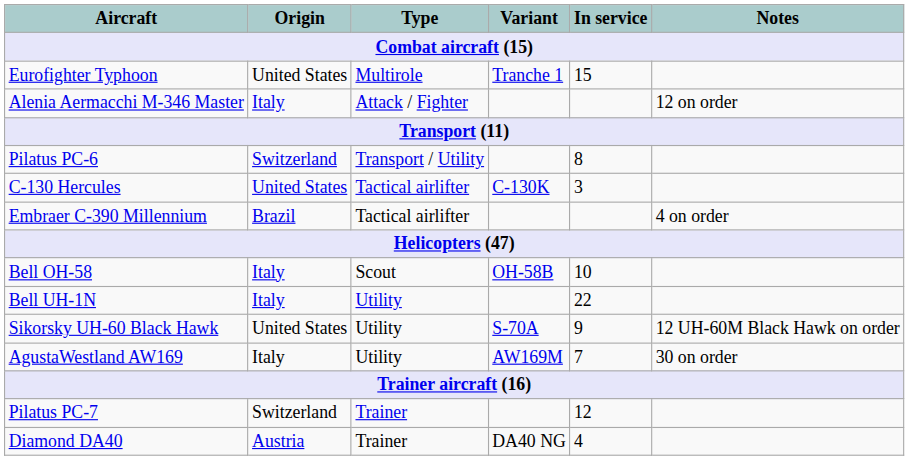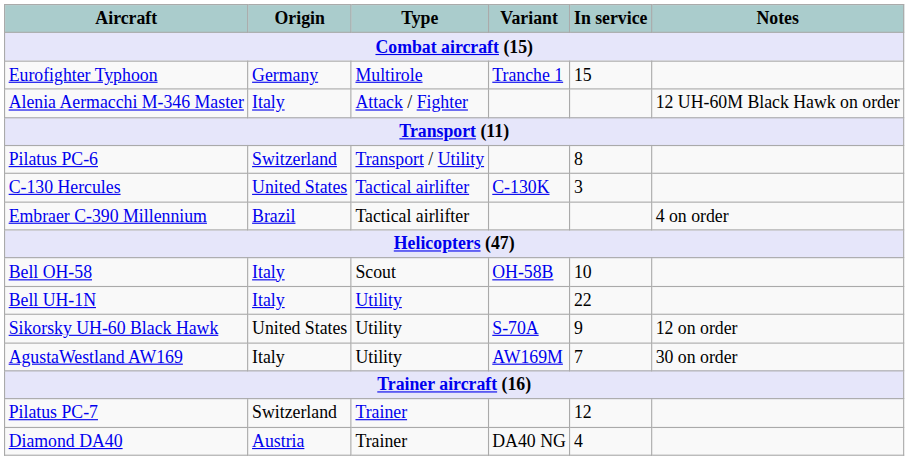 <table class="wikitable">
 <tr>
 <th style="background:#acc;">Aircraft</th>
 <th style="background:#acc;">Origin</th>
 <th style="background:#acc;">Type</th>
 <th style="background:#acc;">Variant</th>
 <th style="background:#acc;">In service</th>
 <th style="background:#acc;">Notes</th>
 </tr>
 <tr>
 <th colspan="6" style="align: center; background: lavender;"><a href='#'>Combat aircraft</a> (15)</th>
 </tr>
 <tr>
 <td><a href='#'>Eurofighter Typhoon</a></td>
-<td>United States</td>
+<td><a href='#'>Germany</a></td>
 <td><a href='#'>Multirole</a></td>
 <td><a href='#'>Tranche 1</a></td>
 <td>15</td>
 <td></td>
 </tr>
 <tr>
 <td><a href='#'>Alenia Aermacchi M-346 Master</a></td>
 <td><a href='#'>Italy</a></td>
 <td><a href='#'>Attack</a> / <a href='#'>Fighter</a></td>
 <td></td>
 <td></td>
-<td>12 on order</td>
+<td>12 UH-60M Black Hawk on order</td>
 </tr>
 <tr>
 <th colspan="6" style="align: center; background: lavender;"><a href='#'>Transport</a> (11)</th>
 </tr>
 <tr>
 <td><a href='#'>Pilatus PC-6</a></td>
 <td><a href='#'>Switzerland</a></td>
 <td><a href='#'>Transport</a> / <a href='#'>Utility</a></td>
 <td></td>
 <td>8</td>
 <td></td>
 </tr>
 <tr>
 <td><a href='#'>C-130 Hercules</a></td>
 <td><a href='#'>United States</a></td>
 <td><a href='#'>Tactical airlifter</a></td>
 <td><a href='#'>C-130K</a></td>
 <td>3</td>
 <td></td>
 </tr>
 <tr>
 <td><a href='#'>Embraer C-390 Millennium</a></td>
 <td><a href='#'>Brazil</a></td>
 <td>Tactical airlifter</td>
 <td></td>
 <td></td>
 <td>4 on order</td>
 </tr>
 <tr>
 <th colspan="6" style="align: center; background: lavender;"><a href='#'>Helicopters</a> (47)</th>
 </tr>
 <tr>
 <td><a href='#'>Bell OH-58</a></td>
 <td><a href='#'>Italy</a></td>
 <td>Scout</td>
 <td><a href='#'>OH-58B</a></td>
 <td>10</td>
 <td></td>
 </tr>
 <tr>
 <td><a href='#'>Bell UH-1N</a></td>
 <td><a href='#'>Italy</a></td>
 <td><a href='#'>Utility</a></td>
 <td></td>
 <td>22</td>
 <td></td>
 </tr>
 <tr>
 <td><a href='#'>Sikorsky UH-60 Black Hawk</a></td>
 <td>United States</td>
 <td>Utility</td>
 <td><a href='#'>S-70A</a></td>
 <td>9</td>
-<td>12 UH-60M Black Hawk on order</td>
+<td>12 on order</td>
 </tr>
 <tr>
 <td><a href='#'>AgustaWestland AW169</a></td>
 <td>Italy</td>
 <td>Utility</td>
 <td><a href='#'>AW169M</a></td>
 <td>7</td>
 <td>30 on order</td>
 </tr>
 <tr>
 <th colspan="6" style="align: center; background: lavender;"><a href='#'>Trainer aircraft</a> (16)</th>
 </tr>
 <tr>
 <td><a href='#'>Pilatus PC-7</a></td>
 <td>Switzerland</td>
 <td><a href='#'>Trainer</a></td>
 <td></td>
 <td>12</td>
 <td></td>
 </tr>
 <tr>
 <td><a href='#'>Diamond DA40</a></td>
 <td><a href='#'>Austria</a></td>
 <td>Trainer</td>
 <td>DA40 NG</td>
 <td>4</td>
 <td></td>
 </tr>
 </table>
